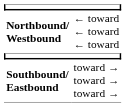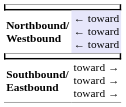 <table border="0" cellspacing="0" cellpadding="3">
 <tr>
 <td colspan="2" style="border-top:solid 1px gray;border-right:solid 2px black;border-left:solid 2px black;border-bottom:solid 2px black;text-align:center"></td>
 </tr>
 <tr>
 <td><strong>Northbound/<br>Westbound</strong></td>
-<td>←  toward  <br>←  toward  <br>←  toward  </td>
+<td style="background: lavender;">←  toward  <br>←  toward  <br>←  toward  </td>
 </tr>
 <tr>
 <td colspan="2" style="border-top:solid 1px gray;border-right:solid 2px black;border-left:solid 2px black;border-bottom:solid 2px black;text-align:center"></td>
 </tr>
 <tr>
 <td style="border-bottom:solid 1px gray"><strong>Southbound/<br>Eastbound</strong></td>
 <td style="border-bottom:solid 1px gray">  toward   →<br>  toward   →<br>  toward   →</td>
 </tr>
 </table>
